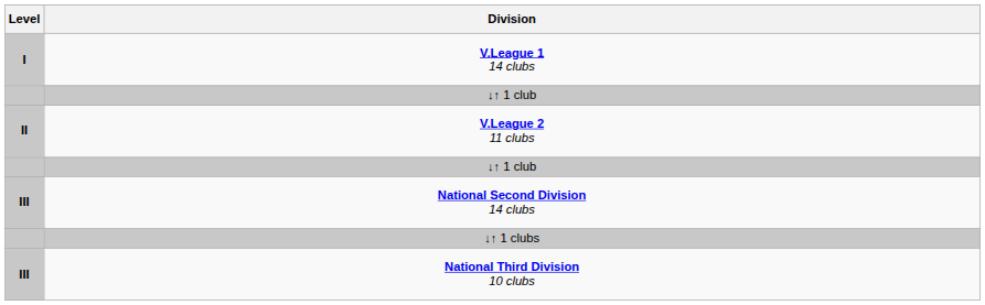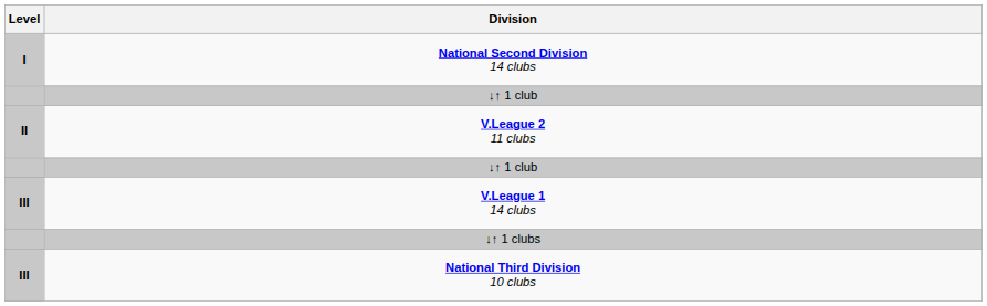 <table class="wikitable" style="text-align:center; width:100%;">
 <tr style="background:#c8c8c8">
 <th style="height:30px; width:4%;">Level</th>
 <th style="width:96%;">Division</th>
 </tr>
 <tr>
 <td style="background:#c8c8c8; width:4%; height:60px;"><strong>I</strong></td>
-<td style="width:96%;"><strong><a href='#'>V.League 1</a></strong><br><em>14 clubs</em></td>
+<td style="width:96%;"><strong><a href='#'>National Second Division</a></strong><br><em>14 clubs</em></td>
 </tr>
 <tr style="background:#c8c8c8">
 <td style="width:4%;"></td>
 <td style="width:96%;">↓↑ 1 club</td>
 </tr>
 <tr>
 <td style="background:#c8c8c8; width:4%; height:60px;"><strong>II</strong></td>
 <td style="width:96%;"><strong><a href='#'>V.League 2</a></strong><br><em>11 clubs</em></td>
 </tr>
 <tr style="background:#c8c8c8">
 <td style="width:4%;"></td>
 <td style="width:96%;">↓↑ 1 club</td>
 </tr>
 <tr>
 <td style="background:#c8c8c8; width:4%; height:60px;"><strong>III</strong></td>
-<td style="width:96%;"><strong><a href='#'>National Second Division</a></strong><br><em>14 clubs</em></td>
+<td style="width:96%;"><strong><a href='#'>V.League 1</a></strong><br><em>14 clubs</em></td>
 </tr>
 <tr style="background:#c8c8c8">
 <td style="width:4%;"></td>
 <td style="width:96%;">↓↑ 1 clubs</td>
 </tr>
 <tr>
 <td style="background:#c8c8c8; width:4%; height:60px;"><strong>III</strong></td>
 <td style="width:96%;"><strong><a href='#'>National Third Division</a></strong><br><em>10 clubs</em></td>
 </tr>
 </table>
